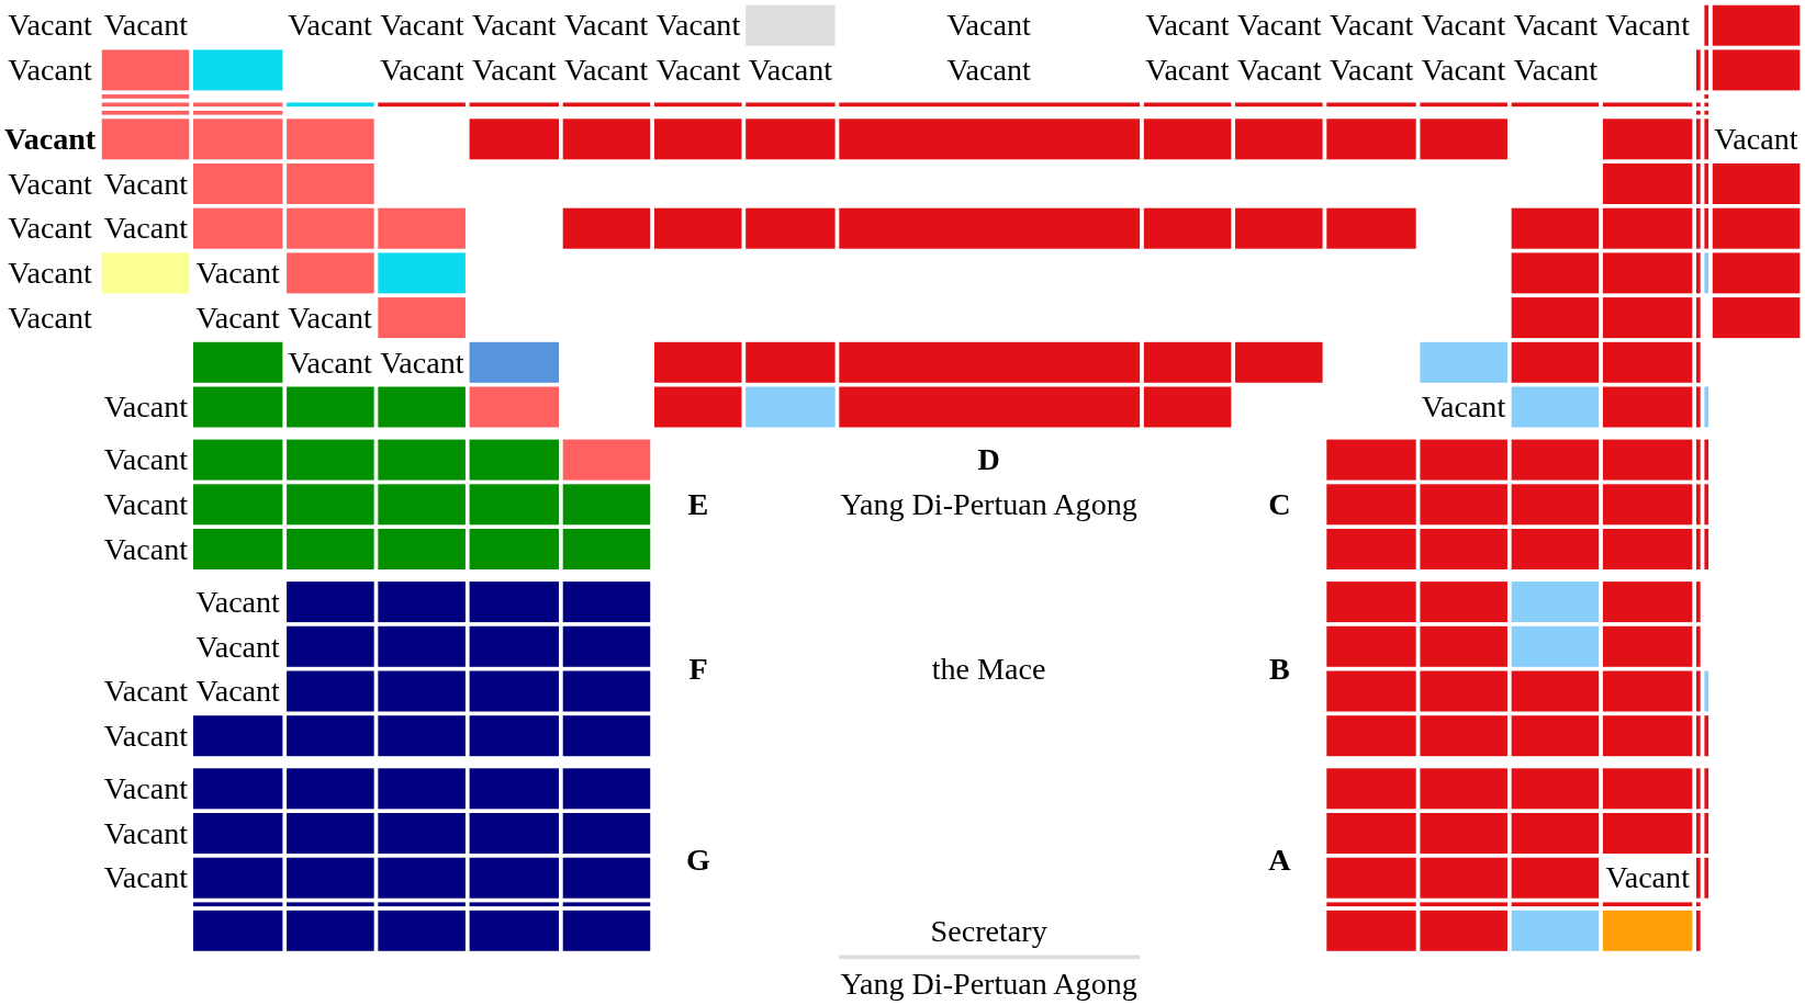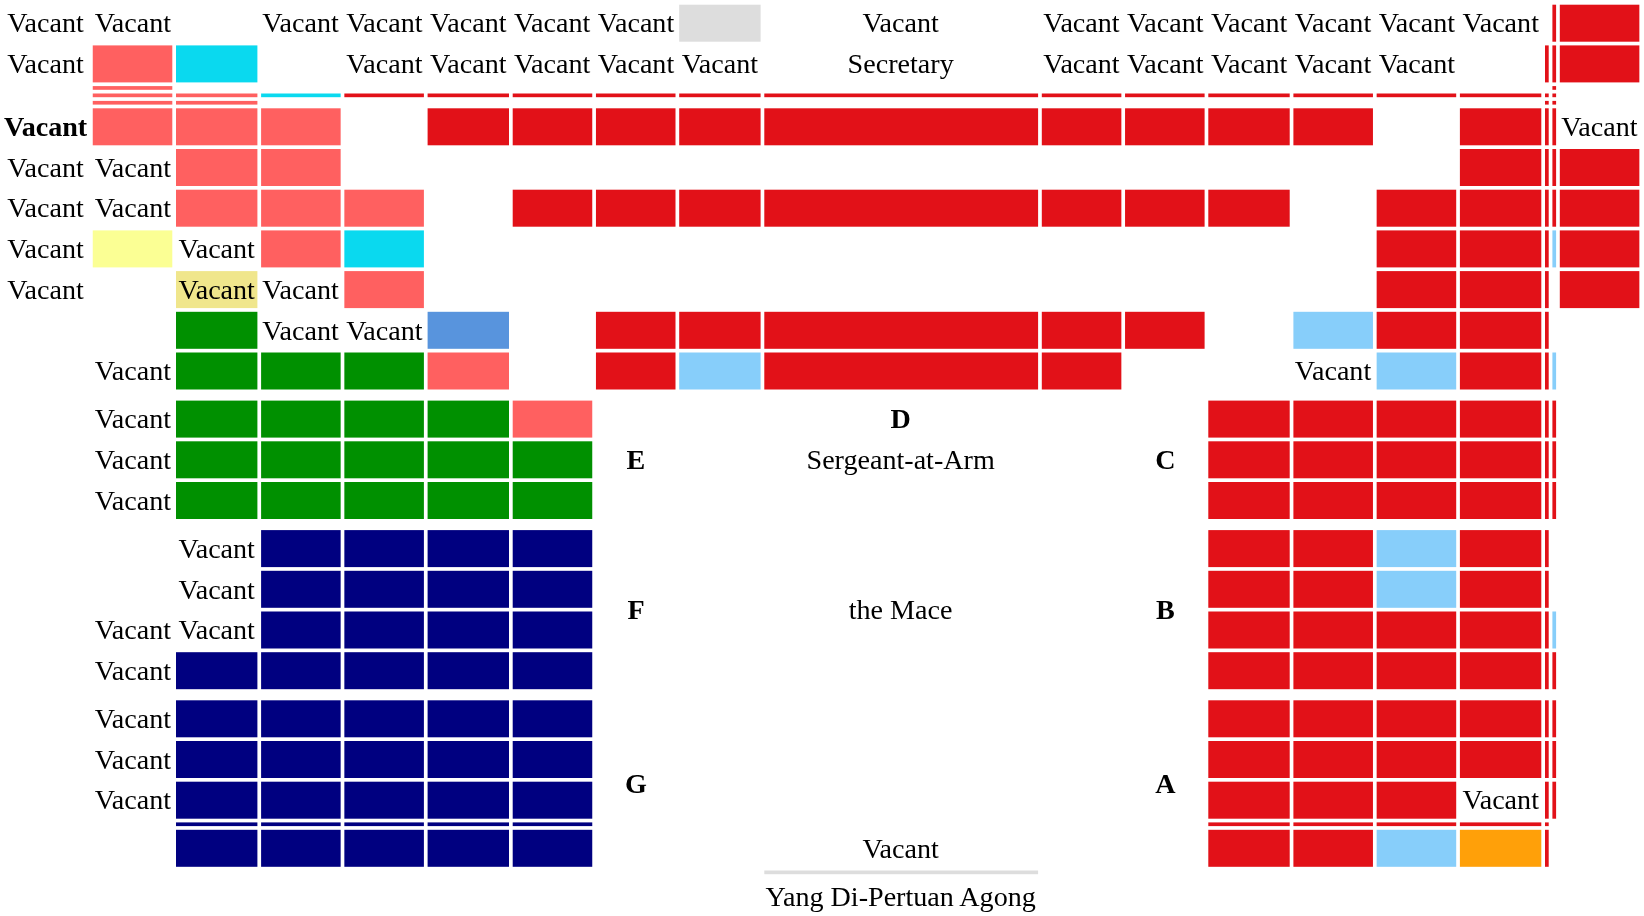 <table style="font-size:95%; text-align:center;">
 <tr>
 <td></td>
 <td>Vacant</td>
 <td>Vacant</td>
 <td></td>
 <td>Vacant</td>
 <td>Vacant</td>
 <td>Vacant</td>
 <td>Vacant</td>
 <td>Vacant</td>
 <td style="background-color:#DDDDDD;"></td>
 <td>Vacant</td>
 <td>Vacant</td>
 <td>Vacant</td>
 <td>Vacant</td>
 <td>Vacant</td>
 <td>Vacant</td>
 <td>Vacant</td>
 <td></td>
 <td style="background-color:#E21118;"></td>
 <td style="background-color:#E21118;"></td>
 </tr>
 <tr>
 <td></td>
 <td>Vacant</td>
 <td style="background-color:#FF6060;"></td>
 <td style="background-color:#0AD9EF;"></td>
 <td></td>
 <td>Vacant</td>
 <td>Vacant</td>
 <td>Vacant</td>
 <td>Vacant</td>
 <td>Vacant</td>
-<td>Vacant</td>
+<td>Secretary</td>
 <td>Vacant</td>
 <td>Vacant</td>
 <td>Vacant</td>
 <td>Vacant</td>
 <td>Vacant</td>
 <td></td>
 <td style="background-color:#E21118;"></td>
 <td style="background-color:#E21118;"></td>
 <td style="background-color:#E21118;"></td>
 </tr>
 <tr>
 <td></td>
 <td></td>
 <td style="background-color:#FF6060;"></td>
 <td></td>
 <td></td>
 <td></td>
 <td></td>
 <td></td>
 <td></td>
 <td></td>
 <td></td>
 <td></td>
 <td></td>
 <td></td>
 <td></td>
 <td></td>
 <td></td>
 <td></td>
 <td style="background-color:#E21118;"></td>
 <td></td>
 </tr>
 <tr>
 <td></td>
 <td></td>
 <td style="background-color:#FF6060;"></td>
 <td style="background-color:#FF6060;"></td>
 <td style="background-color:#0AD9EF;"></td>
 <td style="background-color:#E21118;"></td>
 <td style="background-color:#E21118;"></td>
 <td style="background-color:#E21118;"></td>
 <td style="background-color:#E21118;"></td>
 <td style="background-color:#E21118;"></td>
 <td style="background-color:#E21118;"></td>
 <td style="background-color:#E21118;"></td>
 <td style="background-color:#E21118;"></td>
 <td style="background-color:#E21118;"></td>
 <td style="background-color:#E21118;"></td>
 <td style="background-color:#E21118;"></td>
 <td style="background-color:#E21118;"></td>
 <td style="background-color:#E21118;"></td>
 <td style="background-color:#E21118;"></td>
 <td></td>
 <td></td>
 </tr>
 <tr>
 <td></td>
 <td></td>
 <td style="background-color:#FF6060;"></td>
 <td style="background-color:#FF6060;"></td>
 <td></td>
 <td></td>
 <td></td>
 <td></td>
 <td></td>
 <td></td>
 <td></td>
 <td></td>
 <td></td>
 <td></td>
 <td></td>
 <td></td>
 <td></td>
 <td style="background-color:#E21118;"></td>
 <td style="background-color:#E21118;"></td>
 <td></td>
 <td></td>
 </tr>
 <tr>
 <td></td>
 <td><strong>Vacant</strong></td>
 <td style="background-color:#FF6060;"></td>
 <td style="background-color:#FF6060;"></td>
 <td style="background-color:#FF6060;"></td>
 <td></td>
 <td style="background-color:#E21118;"></td>
 <td style="background-color:#E21118;"></td>
 <td style="background-color:#E21118;"></td>
 <td style="background-color:#E21118;"></td>
 <td style="background-color:#E21118;"></td>
 <td style="background-color:#E21118;"></td>
 <td style="background-color:#E21118;"></td>
 <td style="background-color:#E21118;"></td>
 <td style="background-color:#E21118;"></td>
 <td></td>
 <td style="background-color:#E21118;"></td>
 <td style="background-color:#E21118;"></td>
 <td style="background-color:#E21118;"></td>
 <td>Vacant</td>
 </tr>
 <tr>
 <td></td>
 <td>Vacant</td>
 <td>Vacant</td>
 <td style="background-color:#FF6060;"></td>
 <td style="background-color:#FF6060;"></td>
 <td></td>
 <td></td>
 <td></td>
 <td></td>
 <td></td>
 <td></td>
 <td></td>
 <td></td>
 <td></td>
 <td></td>
 <td></td>
 <td style="background-color:#E21118;"></td>
 <td style="background-color:#E21118;"></td>
 <td style="background-color:#E21118;"></td>
 <td style="background-color:#E21118;"></td>
 </tr>
 <tr>
 <td></td>
 <td>Vacant</td>
 <td>Vacant</td>
 <td style="background-color:#FF6060;"></td>
 <td style="background-color:#FF6060;"></td>
 <td style="background-color:#FF6060;"></td>
 <td></td>
 <td style="background-color:#E21118;"></td>
 <td style="background-color:#E21118;"></td>
 <td style="background-color:#E21118;"></td>
 <td style="background-color:#E21118;"></td>
 <td style="background-color:#E21118;"></td>
 <td style="background-color:#E21118;"></td>
 <td style="background-color:#E21118;"></td>
 <td></td>
 <td style="background-color:#E21118;"></td>
 <td style="background-color:#E21118;"></td>
 <td style="background-color:#E21118;"></td>
 <td style="background-color:#E21118;"></td>
 <td style="background-color:#E21118;"></td>
 </tr>
 <tr>
 <td></td>
 <td>Vacant</td>
 <td style="background-color:#FBFF94;"></td>
 <td>Vacant</td>
 <td style="background-color:#FF6060;"></td>
 <td style="background-color:#0AD9EF;"></td>
 <td></td>
 <td></td>
 <td></td>
 <td></td>
 <td></td>
 <td></td>
 <td></td>
 <td></td>
 <td></td>
 <td style="background-color:#E21118;"></td>
 <td style="background-color:#E21118;"></td>
 <td style="background-color:#E21118;"></td>
 <td style="background-color:#87CEFA;"></td>
 <td style="background-color:#E21118;"></td>
 </tr>
 <tr>
 <td></td>
 <td>Vacant</td>
 <td></td>
-<td>Vacant</td>
+<td style="background: khaki;">Vacant</td>
 <td>Vacant</td>
 <td style="background-color:#FF6060;"></td>
 <td></td>
 <td></td>
 <td></td>
 <td></td>
 <td></td>
 <td></td>
 <td></td>
 <td></td>
 <td></td>
 <td style="background-color:#E21118;"></td>
 <td style="background-color:#E21118;"></td>
 <td style="background-color:#E21118;"></td>
 <td></td>
 <td style="background-color:#E21118;"></td>
 </tr>
 <tr>
 <td></td>
 <td></td>
 <td></td>
 <td style="background-color:#009000;"></td>
 <td>Vacant</td>
 <td>Vacant</td>
 <td style="background-color:#5894DD;"></td>
 <td></td>
 <td style="background-color:#E21118;"></td>
 <td style="background-color:#E21118;"></td>
 <td style="background-color:#E21118;"></td>
 <td style="background-color:#E21118;"></td>
 <td style="background-color:#E21118;"></td>
 <td></td>
 <td style="background-color:#87CEFA;"></td>
 <td style="background-color:#E21118;"></td>
 <td style="background-color:#E21118;"></td>
 <td style="background-color:#E21118;"></td>
 </tr>
 <tr>
 <td></td>
 <td></td>
 <td>Vacant</td>
 <td style="background-color:#009000;"></td>
 <td style="background-color:#009000;"></td>
 <td style="background-color:#009000;"></td>
 <td style="background-color:#FF6060;"></td>
 <td></td>
 <td style="background-color:#E21118;"></td>
 <td style="background-color:#87CEFA;"></td>
 <td style="background-color:#E21118;"></td>
 <td style="background-color:#E21118;"></td>
 <td></td>
 <td></td>
 <td>Vacant</td>
 <td style="background-color:#87CEFA;"></td>
 <td style="background-color:#E21118;"></td>
 <td style="background-color:#E21118;"></td>
 <td style="background-color:#87CEFA;"></td>
 </tr>
 <tr>
 <td colspan=19></td>
 </tr>
 <tr>
 <td></td>
 <td></td>
 <td>Vacant</td>
 <td style="background-color:#009000;"></td>
 <td style="background-color:#009000;"></td>
 <td style="background-color:#009000;"></td>
 <td style="background-color:#009000;"></td>
 <td style="background-color:#FF6060;"></td>
 <td rowspan="3"><strong>E</strong></td>
 <td></td>
 <td><strong>D</strong></td>
 <td></td>
 <td rowspan=3><strong>C</strong></td>
 <td style="background-color:#E21118;"></td>
 <td style="background-color:#E21118;"></td>
 <td style="background-color:#E21118;"></td>
 <td style="background-color:#E21118;"></td>
 <td style="background-color:#E21118;"></td>
 <td style="background-color:#E21118;"></td>
 <td></td>
 <td></td>
 <td></td>
 </tr>
 <tr>
 <td></td>
 <td></td>
 <td>Vacant</td>
 <td style="background-color:#009000;"></td>
 <td style="background-color:#009000;"></td>
 <td style="background-color:#009000;"></td>
 <td style="background-color:#009000;"></td>
 <td style="background-color:#009000;"></td>
 <td></td>
-<td>Yang Di-Pertuan Agong</td>
+<td>Sergeant-at-Arm</td>
 <td></td>
 <td style="background-color:#E21118;"></td>
 <td style="background-color:#E21118;"></td>
 <td style="background-color:#E21118;"></td>
 <td style="background-color:#E21118;"></td>
 <td style="background-color:#E21118;"></td>
 <td style="background-color:#E21118;"></td>
 <td></td>
 <td></td>
 <td></td>
 </tr>
 <tr>
 <td></td>
 <td></td>
 <td>Vacant</td>
 <td style="background-color:#009000;"></td>
 <td style="background-color:#009000;"></td>
 <td style="background-color:#009000;"></td>
 <td style="background-color:#009000;"></td>
 <td style="background-color:#009000;"></td>
 <td></td>
 <td></td>
 <td></td>
 <td style="background-color:#E21118;"></td>
 <td style="background-color:#E21118;"></td>
 <td style="background-color:#E21118;"></td>
 <td style="background-color:#E21118;"></td>
 <td style="background-color:#E21118;"></td>
 <td style="background-color:#E21118;"></td>
 <td></td>
 <td></td>
 <td></td>
 </tr>
 <tr>
 <td colspan=19></td>
 </tr>
 <tr>
 <td></td>
 <td></td>
 <td></td>
 <td>Vacant</td>
 <td style="background-color:#000080;"></td>
 <td style="background-color:#000080;"></td>
 <td style="background-color:#000080;"></td>
 <td style="background-color:#000080;"></td>
 <td rowspan="4"><strong>F</strong></td>
 <td></td>
 <td rowspan=4>the Mace</td>
 <td></td>
 <td rowspan=4><strong>B</strong></td>
 <td style="background-color:#E21118;"></td>
 <td style="background-color:#E21118;"></td>
 <td style="background-color:#87CEFA;"></td>
 <td style="background-color:#E21118;"></td>
 <td style="background-color:#E21118;"></td>
 <td></td>
 <td></td>
 <td></td>
 </tr>
 <tr>
 <td></td>
 <td></td>
 <td></td>
 <td>Vacant</td>
 <td style="background-color:#000080;"></td>
 <td style="background-color:#000080;"></td>
 <td style="background-color:#000080;"></td>
 <td style="background-color:#000080;"></td>
 <td></td>
 <td></td>
 <td style="background-color:#E21118;"></td>
 <td style="background-color:#E21118;"></td>
 <td style="background-color:#87CEFA;"></td>
 <td style="background-color:#E21118;"></td>
 <td style="background-color:#E21118;"></td>
 <td></td>
 <td></td>
 <td></td>
 </tr>
 <tr>
 <td></td>
 <td></td>
 <td>Vacant</td>
 <td>Vacant</td>
 <td style="background-color:#000080;"></td>
 <td style="background-color:#000080;"></td>
 <td style="background-color:#000080;"></td>
 <td style="background-color:#000080;"></td>
 <td></td>
 <td></td>
 <td style="background-color:#E21118;"></td>
 <td style="background-color:#E21118;"></td>
 <td style="background-color:#E21118;"></td>
 <td style="background-color:#E21118;"></td>
 <td style="background-color:#E21118;"></td>
 <td style="background-color:#87CEFA;"></td>
 <td></td>
 <td></td>
 <td></td>
 </tr>
 <tr>
 <td></td>
 <td></td>
 <td>Vacant</td>
 <td style="background-color:#000080;"></td>
 <td style="background-color:#000080;"></td>
 <td style="background-color:#000080;"></td>
 <td style="background-color:#000080;"></td>
 <td style="background-color:#000080;"></td>
 <td></td>
 <td></td>
 <td style="background-color:#E21118;"></td>
 <td style="background-color:#E21118;"></td>
 <td style="background-color:#E21118;"></td>
 <td style="background-color:#E21118;"></td>
 <td style="background-color:#E21118;"></td>
 <td style="background-color:#E21118;"></td>
 <td></td>
 <td></td>
 <td></td>
 </tr>
 <tr>
 <td colspan=19></td>
 </tr>
 <tr>
 <td></td>
 <td></td>
 <td>Vacant</td>
 <td style="background-color:#000080;"></td>
 <td style="background-color:#000080;"></td>
 <td style="background-color:#000080;"></td>
 <td style="background-color:#000080;"></td>
 <td style="background-color:#000080;"></td>
 <td rowspan="5"><strong>G</strong></td>
 <td></td>
 <td></td>
 <td></td>
 <td rowspan=5><strong>A</strong></td>
 <td style="background-color:#E21118;"></td>
 <td style="background-color:#E21118;"></td>
 <td style="background-color:#E21118;"></td>
 <td style="background-color:#E21118;"></td>
 <td style="background-color:#E21118;"></td>
 <td style="background-color:#E21118;"></td>
 <td></td>
 <td></td>
 <td></td>
 </tr>
 <tr>
 <td></td>
 <td></td>
 <td>Vacant</td>
 <td style="background-color:#000080;"></td>
 <td style="background-color:#000080;"></td>
 <td style="background-color:#000080;"></td>
 <td style="background-color:#000080;"></td>
 <td style="background-color:#000080;"></td>
 <td></td>
 <td></td>
 <td></td>
 <td style="background-color:#E21118;"></td>
 <td style="background-color:#E21118;"></td>
 <td style="background-color:#E21118;"></td>
 <td style="background-color:#E21118;"></td>
 <td style="background-color:#E21118;"></td>
 <td style="background-color:#E21118;"></td>
 <td></td>
 <td></td>
 <td></td>
 </tr>
 <tr>
 <td></td>
 <td></td>
 <td>Vacant</td>
 <td style="background-color:#000080;"></td>
 <td style="background-color:#000080;"></td>
 <td style="background-color:#000080;"></td>
 <td style="background-color:#000080;"></td>
 <td style="background-color:#000080;"></td>
 <td></td>
 <td></td>
 <td></td>
 <td style="background-color:#E21118;"></td>
 <td style="background-color:#E21118;"></td>
 <td style="background-color:#E21118;"></td>
 <td>Vacant</td>
 <td style="background-color:#E21118;"></td>
 <td style="background-color:#E21118;"></td>
 <td></td>
 <td></td>
 <td></td>
 </tr>
 <tr>
 <td></td>
 <td></td>
 <td></td>
 <td style="background-color:#000080;"></td>
 <td style="background-color:#000080;"></td>
 <td style="background-color:#000080;"></td>
 <td style="background-color:#000080;"></td>
 <td style="background-color:#000080;"></td>
 <td></td>
 <td></td>
 <td></td>
 <td style="background-color:#E21118;"></td>
 <td style="background-color:#E21118;"></td>
 <td style="background-color:#E21118;"></td>
 <td style="background-color:#E21118;"></td>
 <td style="background-color:#E21118;"></td>
 <td></td>
 <td></td>
 <td></td>
 </tr>
 <tr>
 <td></td>
 <td></td>
 <td></td>
 <td style="background-color:#000080;"></td>
 <td style="background-color:#000080;"></td>
 <td style="background-color:#000080;"></td>
 <td style="background-color:#000080;"></td>
 <td style="background-color:#000080;"></td>
 <td></td>
-<td>Secretary</td>
+<td>Vacant</td>
 <td></td>
 <td style="background-color:#E21118;"></td>
 <td style="background-color:#E21118;"></td>
 <td style="background-color:#87CEFA;"></td>
 <td style="background-color:#FFA009;"></td>
 <td style="background-color:#E21118;"></td>
 <td></td>
 <td></td>
 <td></td>
 </tr>
 <tr>
 <td colspan=10></td>
 <td style="background-color:#DDDDDD;"></td>
 <td colspan=9></td>
 </tr>
 <tr>
 <td colspan=10></td>
 <td>Yang Di-Pertuan Agong</td>
 <td colspan=9></td>
 </tr>
 </table>
